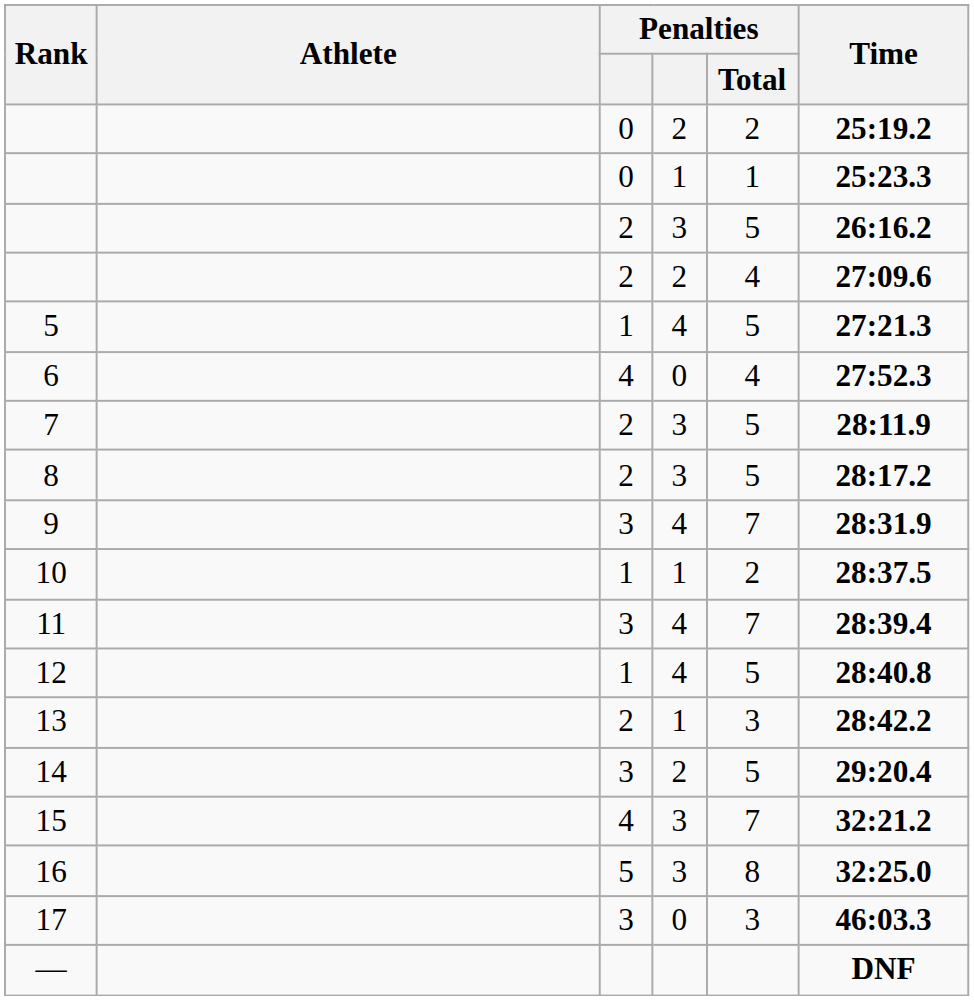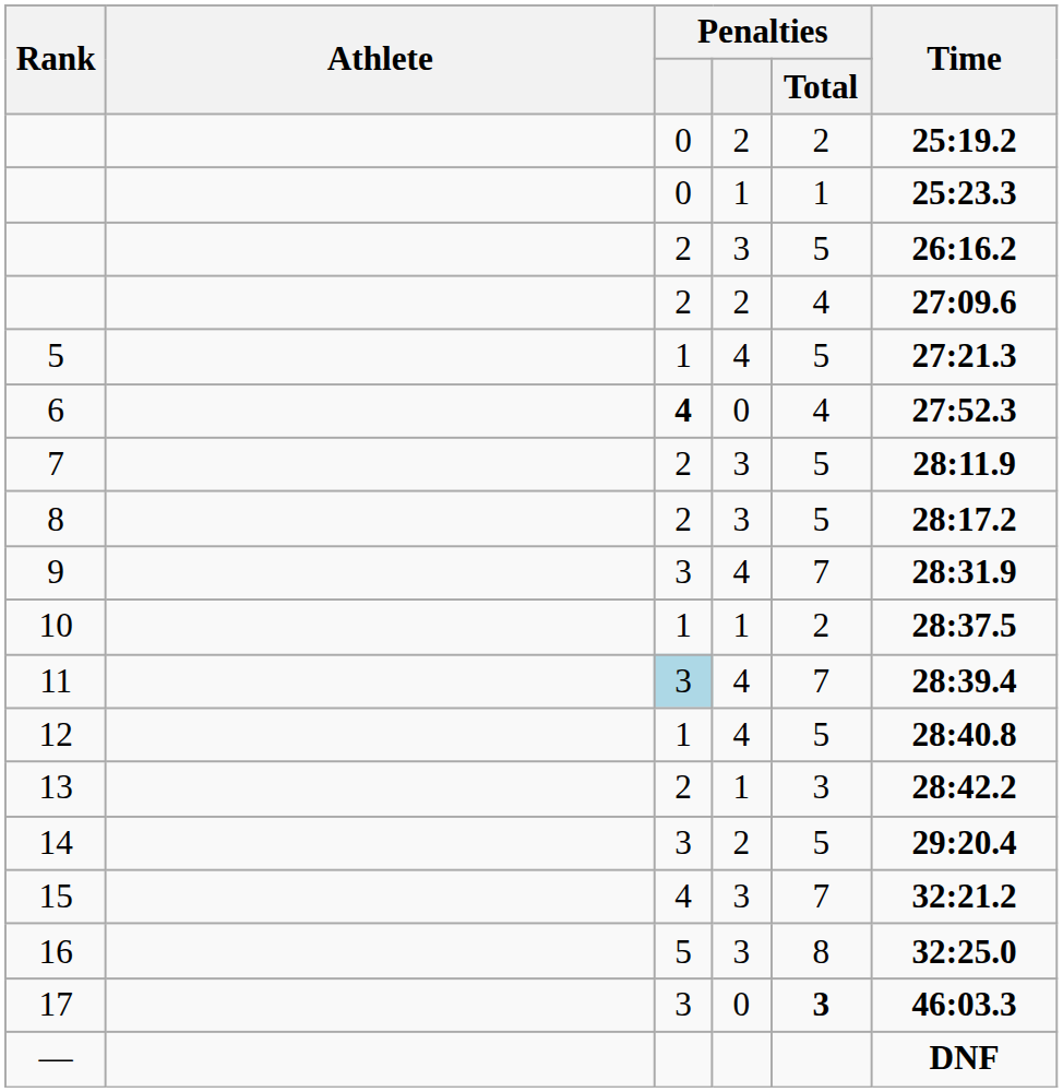 <table class=wikitable style="text-align:center">
 <tr>
 <th rowspan=2 width=40>Rank</th>
 <th rowspan=2 width=250>Athlete</th>
 <th colspan=3>Penalties</th>
 <th rowspan=2 width=80>Time</th>
 </tr>
 <tr>
 <th width=20></th>
 <th width=20></th>
 <th width=40>Total</th>
 </tr>
 <tr>
 <td></td>
 <td align=left></td>
 <td>0</td>
 <td>2</td>
 <td>2</td>
 <td><strong>25:19.2</strong></td>
 </tr>
 <tr>
 <td></td>
 <td align=left></td>
 <td>0</td>
 <td>1</td>
 <td>1</td>
 <td><strong>25:23.3</strong></td>
 </tr>
 <tr>
 <td></td>
 <td align=left></td>
 <td>2</td>
 <td>3</td>
 <td>5</td>
 <td><strong>26:16.2</strong></td>
 </tr>
 <tr>
 <td></td>
 <td align=left></td>
 <td>2</td>
 <td>2</td>
 <td>4</td>
 <td><strong>27:09.6</strong></td>
 </tr>
 <tr>
 <td>5</td>
 <td align=left></td>
 <td>1</td>
 <td>4</td>
 <td>5</td>
 <td><strong>27:21.3</strong></td>
 </tr>
 <tr>
 <td>6</td>
 <td align=left></td>
-<td>4</td>
+<td><strong>4</strong></td>
 <td>0</td>
 <td>4</td>
 <td><strong>27:52.3</strong></td>
 </tr>
 <tr>
 <td>7</td>
 <td align=left></td>
 <td>2</td>
 <td>3</td>
 <td>5</td>
 <td><strong>28:11.9</strong></td>
 </tr>
 <tr>
 <td>8</td>
 <td align=left></td>
 <td>2</td>
 <td>3</td>
 <td>5</td>
 <td><strong>28:17.2</strong></td>
 </tr>
 <tr>
 <td>9</td>
 <td align=left></td>
 <td>3</td>
 <td>4</td>
 <td>7</td>
 <td><strong>28:31.9</strong></td>
 </tr>
 <tr>
 <td>10</td>
 <td align=left></td>
 <td>1</td>
 <td>1</td>
 <td>2</td>
 <td><strong>28:37.5</strong></td>
 </tr>
 <tr>
 <td>11</td>
 <td align=left></td>
-<td>3</td>
+<td style="background: lightblue;">3</td>
 <td>4</td>
 <td>7</td>
 <td><strong>28:39.4</strong></td>
 </tr>
 <tr>
 <td>12</td>
 <td align=left></td>
 <td>1</td>
 <td>4</td>
 <td>5</td>
 <td><strong>28:40.8</strong></td>
 </tr>
 <tr>
 <td>13</td>
 <td align=left></td>
 <td>2</td>
 <td>1</td>
 <td>3</td>
 <td><strong>28:42.2</strong></td>
 </tr>
 <tr>
 <td>14</td>
 <td align=left></td>
 <td>3</td>
 <td>2</td>
 <td>5</td>
 <td><strong>29:20.4</strong></td>
 </tr>
 <tr>
 <td>15</td>
 <td align=left></td>
 <td>4</td>
 <td>3</td>
 <td>7</td>
 <td><strong>32:21.2</strong></td>
 </tr>
 <tr>
 <td>16</td>
 <td align=left></td>
 <td>5</td>
 <td>3</td>
 <td>8</td>
 <td><strong>32:25.0</strong></td>
 </tr>
 <tr>
 <td>17</td>
 <td align=left></td>
 <td>3</td>
 <td>0</td>
-<td>3</td>
+<td><strong>3</strong></td>
 <td><strong>46:03.3</strong></td>
 </tr>
 <tr>
 <td>—</td>
 <td align=left></td>
 <td></td>
 <td></td>
 <td></td>
 <td><strong>DNF</strong></td>
 </tr>
 </table>
